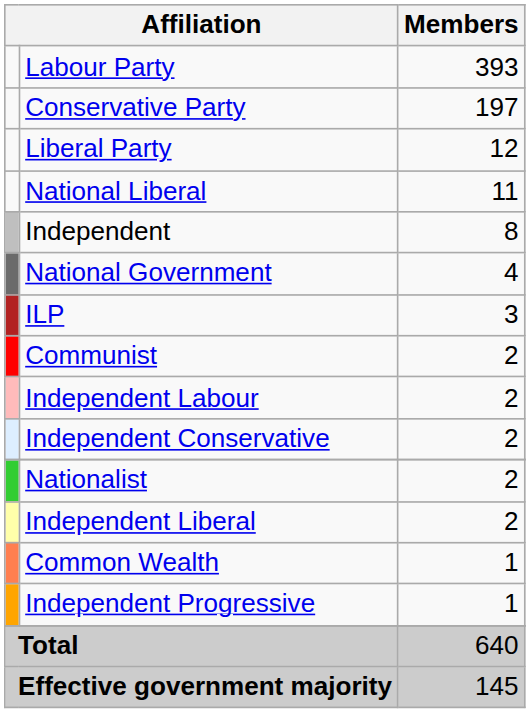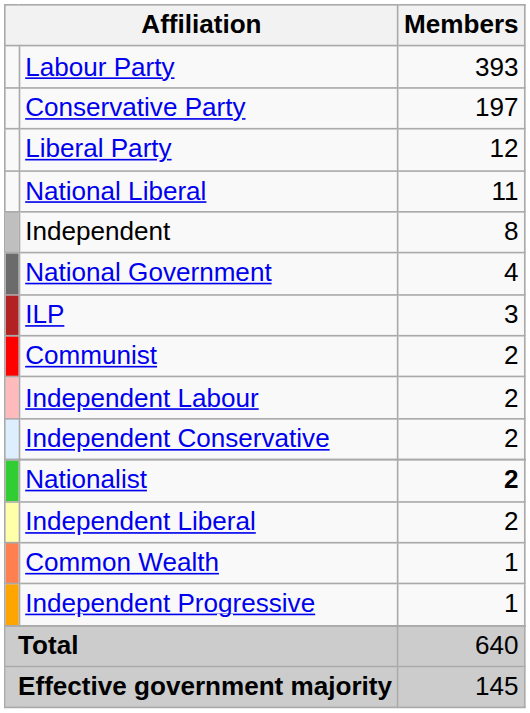 <table class="wikitable">
 <tr>
 <th colspan="2">Affiliation</th>
 <th>Members</th>
 </tr>
 <tr>
 <td style="color:inherit;background:"></td>
 <td><a href='#'>Labour Party</a></td>
 <td align="right">393</td>
 </tr>
 <tr>
 <td style="color:inherit;background:"></td>
 <td><a href='#'>Conservative Party</a></td>
 <td align="right">197</td>
 </tr>
 <tr>
 <td style="color:inherit;background:"></td>
 <td><a href='#'>Liberal Party</a></td>
 <td align="right">12</td>
 </tr>
 <tr>
 <td style="color:inherit;background:"></td>
 <td><a href='#'>National Liberal</a></td>
 <td align="right">11</td>
 </tr>
 <tr>
 <td bgcolor="BFBFBF"></td>
 <td>Independent</td>
 <td align="right">8</td>
 </tr>
 <tr>
 <td bgcolor="6B6B6B"></td>
 <td><a href='#'>National Government</a></td>
 <td align="right">4</td>
 </tr>
 <tr>
 <td bgcolor="B22222"></td>
 <td><a href='#'>ILP</a></td>
 <td align="right">3</td>
 </tr>
 <tr>
 <td bgcolor="FF0000"></td>
 <td><a href='#'>Communist</a></td>
 <td align="right">2</td>
 </tr>
 <tr>
 <td bgcolor="FFBBBB"></td>
 <td><a href='#'>Independent Labour</a></td>
 <td align="right">2</td>
 </tr>
 <tr>
 <td bgcolor="DDEEFF"></td>
 <td><a href='#'>Independent Conservative</a></td>
 <td align="right">2</td>
 </tr>
 <tr>
 </tr>
 <tr>
 <td bgcolor="32CD32"></td>
 <td><a href='#'>Nationalist</a></td>
-<td align="right">2</td>
+<td align="right"><strong>2</strong></td>
 </tr>
 <tr>
 <td bgcolor="FFFFAA"></td>
 <td><a href='#'>Independent Liberal</a></td>
 <td align="right">2</td>
 </tr>
 <tr>
 <td bgcolor="FF7F50"></td>
 <td><a href='#'>Common Wealth</a></td>
 <td align="right">1</td>
 </tr>
 <tr>
 <td bgcolor="FFA500"></td>
 <td><a href='#'>Independent Progressive</a></td>
 <td align="right">1</td>
 </tr>
 <tr>
 </tr>
 <tr bgcolor="CCCCCC">
 <td colspan="2" rowspan="1"> <strong>Total</strong></td>
 <td align="right">640</td>
 </tr>
 <tr bgcolor="CCCCCC">
 <td colspan="2" rowspan="1"> <strong>Effective government majority</strong></td>
 <td align="right">145</td>
 </tr>
 </table>
